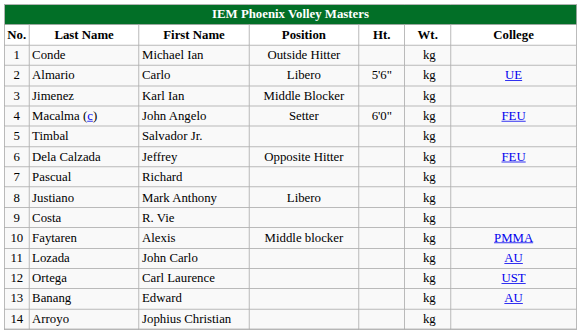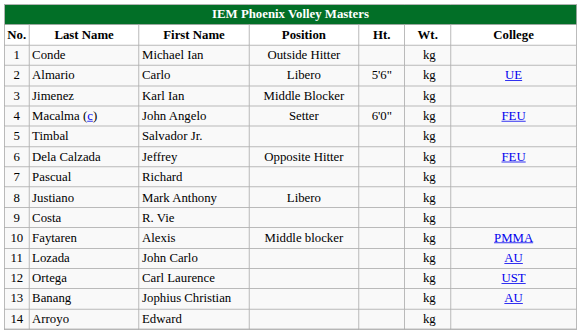 <table class="wikitable" style="text-align:center;">
 <tr>
 <td colspan="7" style= "background: #026f27; color: #FFFFFF; text-align: center"><strong>IEM Phoenix Volley Masters</strong></td>
 </tr>
 <tr>
 <th width=3px style="background: white; color: black; text-align: center"><strong>No.</strong></th>
 <th width=130px style="background: white; color: black">Last Name</th>
 <th width=130px style="background: white; color: black">First Name</th>
 <th width=130px style="background: white; color: black">Position</th>
 <th width=50px style="background: white; color: black">Ht.</th>
 <th width=50px style="background: white; color: black">Wt.</th>
 <th width=150px style="background: white; color: black">College</th>
 </tr>
 <tr>
 <td>1</td>
 <td style="text-align: left">Conde</td>
 <td style="text-align: left">Michael Ian</td>
 <td>Outside Hitter</td>
 <td></td>
 <td> kg</td>
 <td></td>
 </tr>
 <tr>
 <td>2</td>
 <td style="text-align: left">Almario</td>
 <td style="text-align: left">Carlo</td>
 <td>Libero</td>
 <td>5'6"</td>
 <td> kg</td>
 <td><a href='#'>UE</a></td>
 </tr>
 <tr>
 <td>3</td>
 <td style="text-align: left">Jimenez</td>
 <td style="text-align: left">Karl Ian</td>
 <td>Middle Blocker</td>
 <td></td>
 <td> kg</td>
 <td></td>
 </tr>
 <tr>
 <td>4</td>
 <td style="text-align: left">Macalma (<a href='#'>c</a>)</td>
 <td style="text-align: left">John Angelo</td>
 <td>Setter</td>
 <td>6'0"</td>
 <td> kg</td>
 <td><a href='#'>FEU</a></td>
 </tr>
 <tr>
 <td>5</td>
 <td style="text-align: left">Timbal</td>
 <td style="text-align: left">Salvador Jr.</td>
 <td></td>
 <td></td>
 <td> kg</td>
 <td></td>
 </tr>
 <tr>
 <td>6</td>
 <td style="text-align: left">Dela Calzada</td>
 <td style="text-align: left">Jeffrey</td>
 <td>Opposite Hitter</td>
 <td></td>
 <td> kg</td>
 <td><a href='#'>FEU</a></td>
 </tr>
 <tr>
 <td>7</td>
 <td style="text-align: left">Pascual</td>
 <td style="text-align: left">Richard</td>
 <td></td>
 <td></td>
 <td> kg</td>
 <td></td>
 </tr>
 <tr>
 <td>8</td>
 <td style="text-align: left">Justiano</td>
 <td style="text-align: left">Mark Anthony</td>
 <td>Libero</td>
 <td></td>
 <td> kg</td>
 <td></td>
 </tr>
 <tr>
 <td>9</td>
 <td style="text-align: left">Costa</td>
 <td style="text-align: left">R. Vie</td>
 <td></td>
 <td></td>
 <td> kg</td>
 <td></td>
 </tr>
 <tr>
 <td>10</td>
 <td style="text-align: left">Faytaren</td>
 <td style="text-align: left">Alexis</td>
 <td>Middle blocker</td>
 <td></td>
 <td> kg</td>
 <td><a href='#'>PMMA</a></td>
 </tr>
 <tr>
 <td>11</td>
 <td style="text-align: left">Lozada</td>
 <td style="text-align: left">John Carlo</td>
 <td></td>
 <td></td>
 <td> kg</td>
 <td><a href='#'>AU</a></td>
 </tr>
 <tr>
 <td>12</td>
 <td style="text-align: left">Ortega</td>
 <td style="text-align: left">Carl Laurence</td>
 <td></td>
 <td></td>
 <td> kg</td>
 <td><a href='#'>UST</a></td>
 </tr>
 <tr>
 <td>13</td>
 <td style="text-align: left">Banang</td>
-<td style="text-align: left">Edward</td>
+<td style="text-align: left">Jophius Christian</td>
 <td></td>
 <td></td>
 <td> kg</td>
 <td><a href='#'>AU</a></td>
 </tr>
 <tr>
 <td>14</td>
 <td style="text-align: left">Arroyo</td>
-<td style="text-align: left">Jophius Christian</td>
+<td style="text-align: left">Edward</td>
 <td></td>
 <td></td>
 <td> kg</td>
 <td></td>
 </tr>
 <tr>
 </tr>
 </table>
